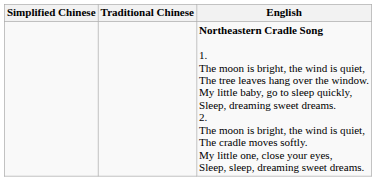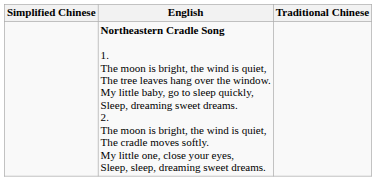 <table class="wikitable">
 <tr>
 <th>Simplified Chinese</th>
+<th>English</th>
 <th>Traditional Chinese</th>
-<th>English</th>
 </tr>
 <tr>
 <td><br></td>
+<td><strong>Northeastern Cradle Song</strong><br><br>1.<br> The moon is bright, the wind is quiet,<br> The tree leaves hang over the window.<br> My little baby, go to sleep quickly,<br> Sleep, dreaming sweet dreams.<br> 2.<br> The moon is bright, the wind is quiet,<br> The cradle moves softly.<br> My little one, close your eyes,<br> Sleep, sleep, dreaming sweet dreams.<br></td>
 <td><br></td>
-<td><strong>Northeastern Cradle Song</strong><br><br>1.<br> The moon is bright, the wind is quiet,<br> The tree leaves hang over the window.<br> My little baby, go to sleep quickly,<br> Sleep, dreaming sweet dreams.<br> 2.<br> The moon is bright, the wind is quiet,<br> The cradle moves softly.<br> My little one, close your eyes,<br> Sleep, sleep, dreaming sweet dreams.<br></td>
 </tr>
 </table>
